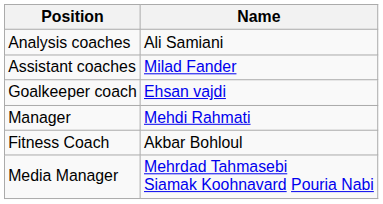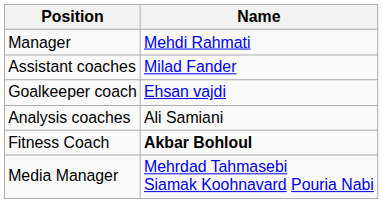 <table class="wikitable">
 <tr>
 <th>Position</th>
 <th>Name</th>
 </tr>
 <tr>
-<td>Analysis coaches</td>
-<td>Ali Samiani</td>
+<td>Manager</td>
+<td><a href='#'>Mehdi Rahmati</a></td>
 </tr>
 <tr>
 <td>Assistant coaches</td>
 <td><a href='#'>Milad Fander</a></td>
 </tr>
 <tr>
 <td>Goalkeeper coach</td>
 <td><a href='#'>Ehsan vajdi</a></td>
 </tr>
 <tr>
-<td>Manager</td>
-<td><a href='#'>Mehdi Rahmati</a></td>
+<td>Analysis coaches</td>
+<td>Ali Samiani</td>
 </tr>
 <tr>
 <td>Fitness Coach</td>
-<td>Akbar Bohloul</td>
+<td><strong>Akbar Bohloul</strong></td>
 </tr>
 <tr>
 <td>Media Manager</td>
 <td><a href='#'>Mehrdad Tahmasebi</a><br><a href='#'>Siamak Koohnavard</a> <a href='#'>Pouria Nabi</a></td>
 </tr>
 </table>
